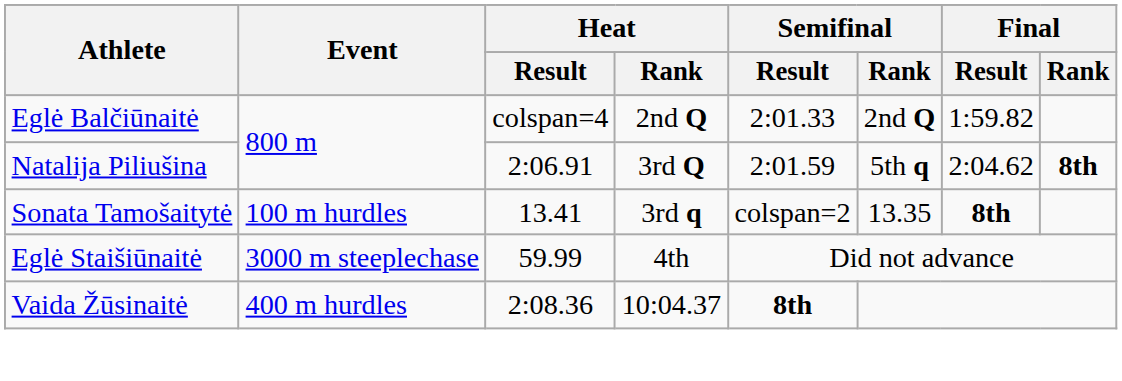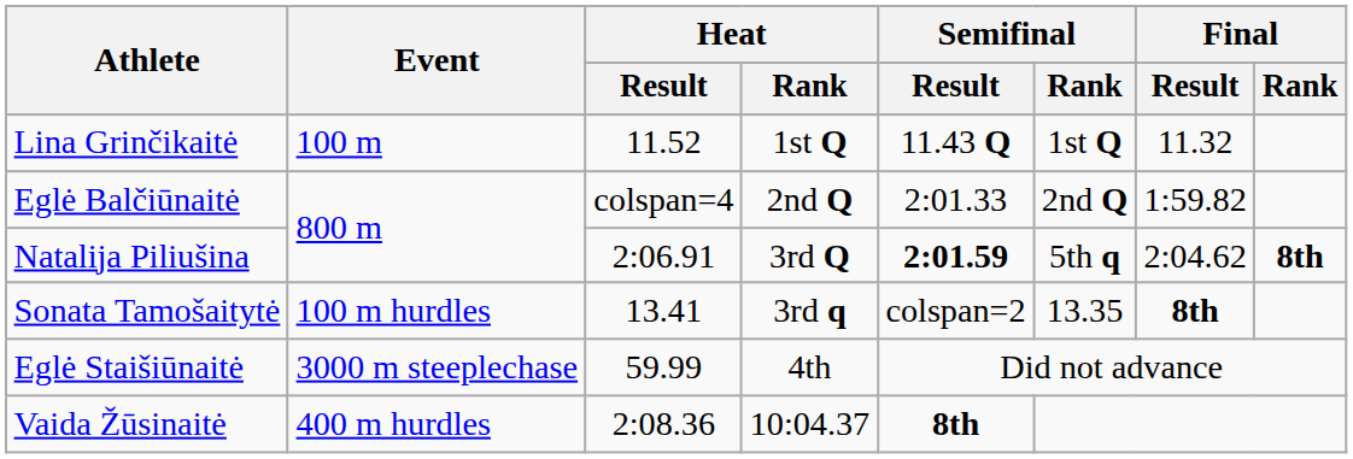 <table class="wikitable" style="font-size:90%">
 <tr>
 <th rowspan="2">Athlete</th>
 <th rowspan="2">Event</th>
 <th colspan="2">Heat</th>
 <th colspan="2">Semifinal</th>
 <th colspan="2">Final</th>
 </tr>
 <tr style="font-size:95%">
 <th>Result</th>
 <th>Rank</th>
 <th>Result</th>
 <th>Rank</th>
 <th>Result</th>
 <th>Rank</th>
 </tr>
 <tr align=center>
+<td align=left><a href='#'>Lina Grinčikaitė</a></td>
+<td align=left><a href='#'>100 m</a></td>
+<td>11.52</td>
+<td>1st <strong>Q</strong></td>
+<td>11.43 <strong>Q</strong></td>
+<td>1st <strong>Q</strong></td>
+<td>11.32</td>
+<td></td>
+</tr>
+<tr align=center>
 <td align=left><a href='#'>Eglė Balčiūnaitė</a></td>
 <td align=left rowspan="2"><a href='#'>800 m</a></td>
 <td>colspan=4 </td>
 <td>2nd <strong>Q</strong></td>
 <td>2:01.33</td>
 <td>2nd <strong>Q</strong></td>
 <td>1:59.82</td>
 <td></td>
 </tr>
 <tr align=center>
 <td align=left><a href='#'>Natalija Piliušina</a></td>
 <td>2:06.91</td>
 <td>3rd <strong>Q</strong></td>
-<td>2:01.59</td>
+<td><strong>2:01.59</strong></td>
 <td>5th <strong>q</strong></td>
 <td>2:04.62</td>
 <td><strong>8th</strong></td>
 </tr>
 <tr align=center>
 <td align=left><a href='#'>Sonata Tamošaitytė</a></td>
 <td align=left><a href='#'>100 m hurdles</a></td>
 <td>13.41</td>
 <td>3rd <strong>q</strong></td>
 <td>colspan=2 </td>
 <td>13.35</td>
 <td><strong>8th</strong></td>
 </tr>
 <tr align=center>
 <td align=left><a href='#'>Eglė Staišiūnaitė</a></td>
 <td align=left><a href='#'>3000 m steeplechase</a></td>
 <td>59.99</td>
 <td>4th</td>
 <td colspan=4>Did not advance</td>
 </tr>
 <tr align=center>
 <td align=left><a href='#'>Vaida Žūsinaitė</a></td>
 <td align=left><a href='#'>400 m hurdles</a></td>
 <td>2:08.36</td>
 <td>10:04.37</td>
 <td><strong>8th</strong></td>
 </tr>
 </table>
